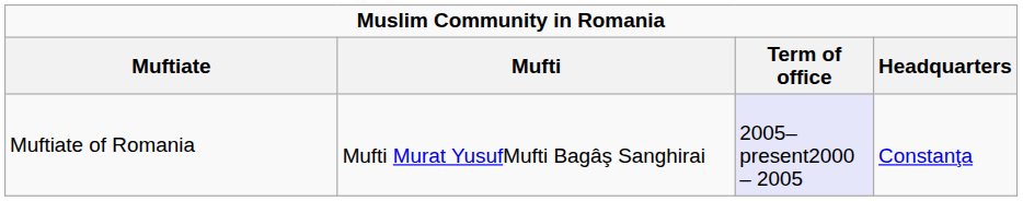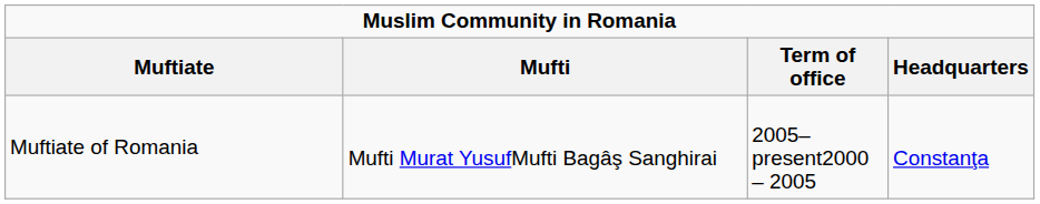 <table class=wikitable>
 <tr>
 <td colspan=4 align=center><strong>Muslim Community in Romania</strong></td>
 </tr>
 <tr>
 <th scope="row" width="250">Muftiate</th>
 <th scope="row" width="300">Mufti</th>
 <th scope="row" width="100">Term of office</th>
 <th scope="row" width="100">Headquarters</th>
 </tr>
 <tr>
 <td>Muftiate of Romania</td>
 <td><br>Mufti <a href='#'>Murat Yusuf</a>Mufti Bagâş Sanghirai</td>
-<td style="background: lavender;"><br>2005–present2000 – 2005</td>
+<td><br>2005–present2000 – 2005</td>
 <td><br><a href='#'>Constanţa</a></td>
 </tr>
 </table>
